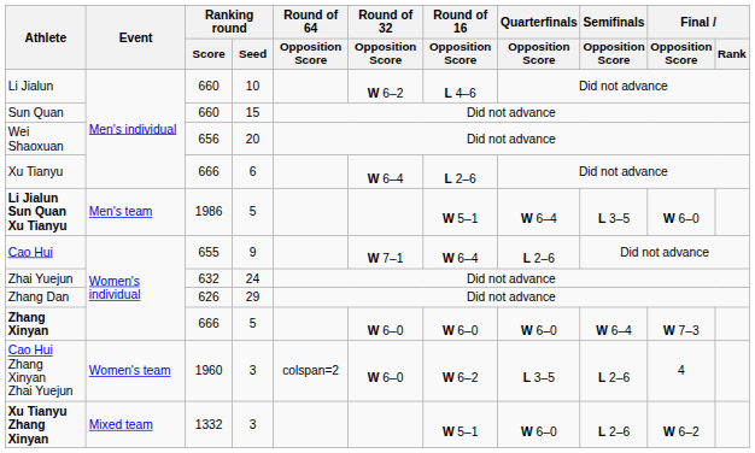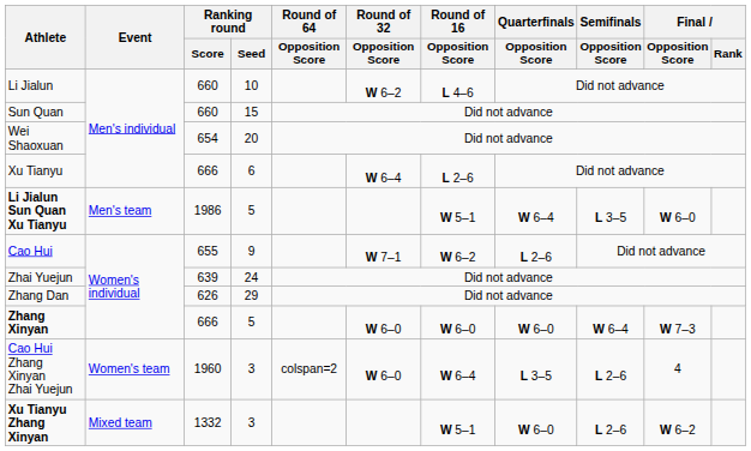 <table class="wikitable" style="font-size:90%; text-align:center;">
 <tr>
 <th rowspan="2">Athlete</th>
 <th rowspan="2">Event</th>
 <th colspan="2">Ranking round</th>
 <th>Round of 64</th>
 <th>Round of 32</th>
 <th>Round of 16</th>
 <th>Quarterfinals</th>
 <th>Semifinals</th>
 <th colspan=2>Final / </th>
 </tr>
 <tr style=font-size:95%>
 <th>Score</th>
 <th>Seed</th>
 <th>Opposition<br>Score</th>
 <th>Opposition<br>Score</th>
 <th>Opposition<br>Score</th>
 <th>Opposition<br>Score</th>
 <th>Opposition<br>Score</th>
 <th>Opposition<br>Score</th>
 <th>Rank</th>
 </tr>
 <tr>
 <td align=left>Li Jialun</td>
 <td align=left rowspan=4><a href='#'>Men's individual</a></td>
 <td>660</td>
 <td>10</td>
 <td></td>
 <td><br><strong>W</strong> 6–2</td>
 <td><br><strong>L</strong> 4–6</td>
 <td colspan=4>Did not advance</td>
 </tr>
 <tr>
 <td align=left>Sun Quan</td>
 <td>660</td>
 <td>15</td>
 <td colspan=7>Did not advance</td>
 </tr>
 <tr>
 <td align=left>Wei Shaoxuan</td>
-<td>656</td>
+<td>654</td>
 <td>20</td>
 <td colspan=7>Did not advance</td>
 </tr>
 <tr>
 <td align=left>Xu Tianyu</td>
 <td>666</td>
 <td>6</td>
 <td></td>
 <td><br><strong>W</strong> 6–4</td>
 <td><br><strong>L</strong> 2–6</td>
 <td colspan=4>Did not advance</td>
 </tr>
 <tr>
 <td align=left><strong>Li Jialun<br>Sun Quan<br>Xu Tianyu</strong></td>
 <td align=left><a href='#'>Men's team</a></td>
 <td>1986</td>
 <td>5</td>
 <td></td>
 <td></td>
 <td><br><strong>W</strong> 5–1</td>
 <td><br><strong>W</strong> 6–4</td>
 <td><br><strong>L</strong> 3–5</td>
 <td><br><strong>W</strong> 6–0</td>
 <td></td>
 </tr>
 <tr>
 <td align=left><a href='#'>Cao Hui</a></td>
 <td align=left rowspan=4><a href='#'>Women's individual</a></td>
 <td>655</td>
 <td>9</td>
 <td></td>
 <td><br><strong>W</strong> 7–1</td>
-<td><br><strong>W</strong> 6–4</td>
+<td><br><strong>W</strong> 6–2</td>
 <td><br><strong>L</strong> 2–6</td>
 <td colspan=3>Did not advance</td>
 </tr>
 <tr>
 <td align=left>Zhai Yuejun</td>
-<td>632</td>
+<td>639</td>
 <td>24</td>
 <td colspan=7>Did not advance</td>
 </tr>
 <tr>
 <td align=left>Zhang Dan</td>
 <td>626</td>
 <td>29</td>
 <td colspan=7>Did not advance</td>
 </tr>
 <tr>
 <td align=left><strong>Zhang Xinyan</strong></td>
 <td>666</td>
 <td>5</td>
 <td></td>
 <td><br><strong>W</strong> 6–0</td>
 <td><br><strong>W</strong> 6–0</td>
 <td><br><strong>W</strong> 6–0</td>
 <td><br><strong>W</strong> 6–4</td>
 <td><br><strong>W</strong> 7–3</td>
 <td></td>
 </tr>
 <tr>
 <td align=left><a href='#'>Cao Hui</a><br>Zhang Xinyan<br>Zhai Yuejun</td>
 <td align=left><a href='#'>Women's team</a></td>
 <td>1960</td>
 <td>3</td>
 <td>colspan=2</td>
 <td><br><strong>W</strong> 6–0</td>
-<td><br><strong>W</strong> 6–2</td>
+<td><br><strong>W</strong> 6–4</td>
 <td><br><strong>L</strong> 3–5</td>
 <td><br><strong>L</strong> 2–6</td>
 <td>4</td>
 </tr>
 <tr>
 <td align=left><strong>Xu Tianyu<br>Zhang Xinyan</strong></td>
 <td align=left><a href='#'>Mixed team</a></td>
 <td>1332</td>
 <td>3</td>
 <td></td>
 <td></td>
 <td><br><strong>W</strong> 5–1</td>
 <td><br><strong>W</strong> 6–0</td>
 <td><br><strong>L</strong> 2–6</td>
 <td><br><strong>W</strong> 6–2</td>
 <td></td>
 </tr>
 </table>
